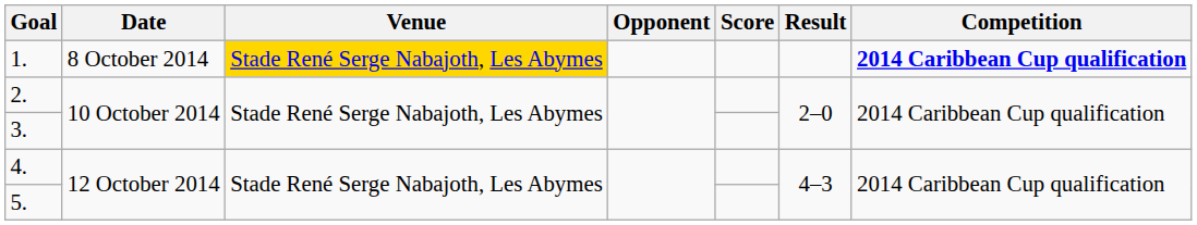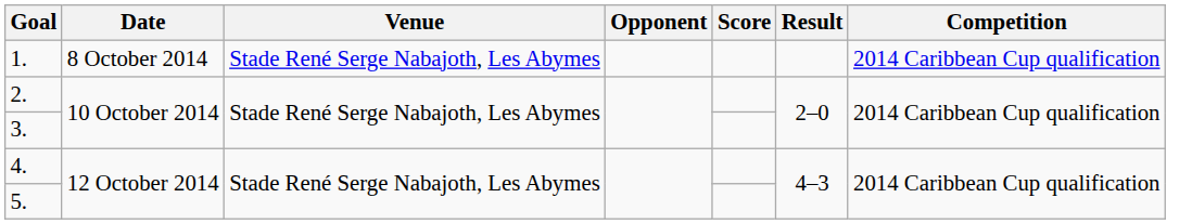 <table class="wikitable">
 <tr>
 <th>Goal</th>
 <th>Date</th>
 <th>Venue</th>
 <th>Opponent</th>
 <th>Score</th>
 <th>Result</th>
 <th>Competition</th>
 </tr>
 <tr>
 <td>1.</td>
 <td>8 October 2014</td>
-<td style="background: gold;"><a href='#'>Stade René Serge Nabajoth</a>, <a href='#'>Les Abymes</a></td>
+<td><a href='#'>Stade René Serge Nabajoth</a>, <a href='#'>Les Abymes</a></td>
 <td></td>
 <td></td>
 <td></td>
-<td><strong><a href='#'>2014 Caribbean Cup qualification</a></strong></td>
+<td><a href='#'>2014 Caribbean Cup qualification</a></td>
 </tr>
 <tr>
 <td>2.</td>
 <td rowspan="2">10 October 2014</td>
 <td rowspan="2">Stade René Serge Nabajoth, Les Abymes</td>
 <td rowspan="2"></td>
 <td></td>
 <td rowspan="2" style="text-align:center;">2–0</td>
 <td rowspan="2">2014 Caribbean Cup qualification</td>
 </tr>
 <tr>
 <td>3.</td>
 <td></td>
 </tr>
 <tr>
 <td>4.</td>
 <td rowspan="2">12 October 2014</td>
 <td rowspan="2">Stade René Serge Nabajoth, Les Abymes</td>
 <td rowspan="2"></td>
 <td></td>
 <td rowspan="2" style="text-align:center;">4–3</td>
 <td rowspan="2">2014 Caribbean Cup qualification</td>
 </tr>
 <tr>
 <td>5.</td>
 <td></td>
 </tr>
 </table>
